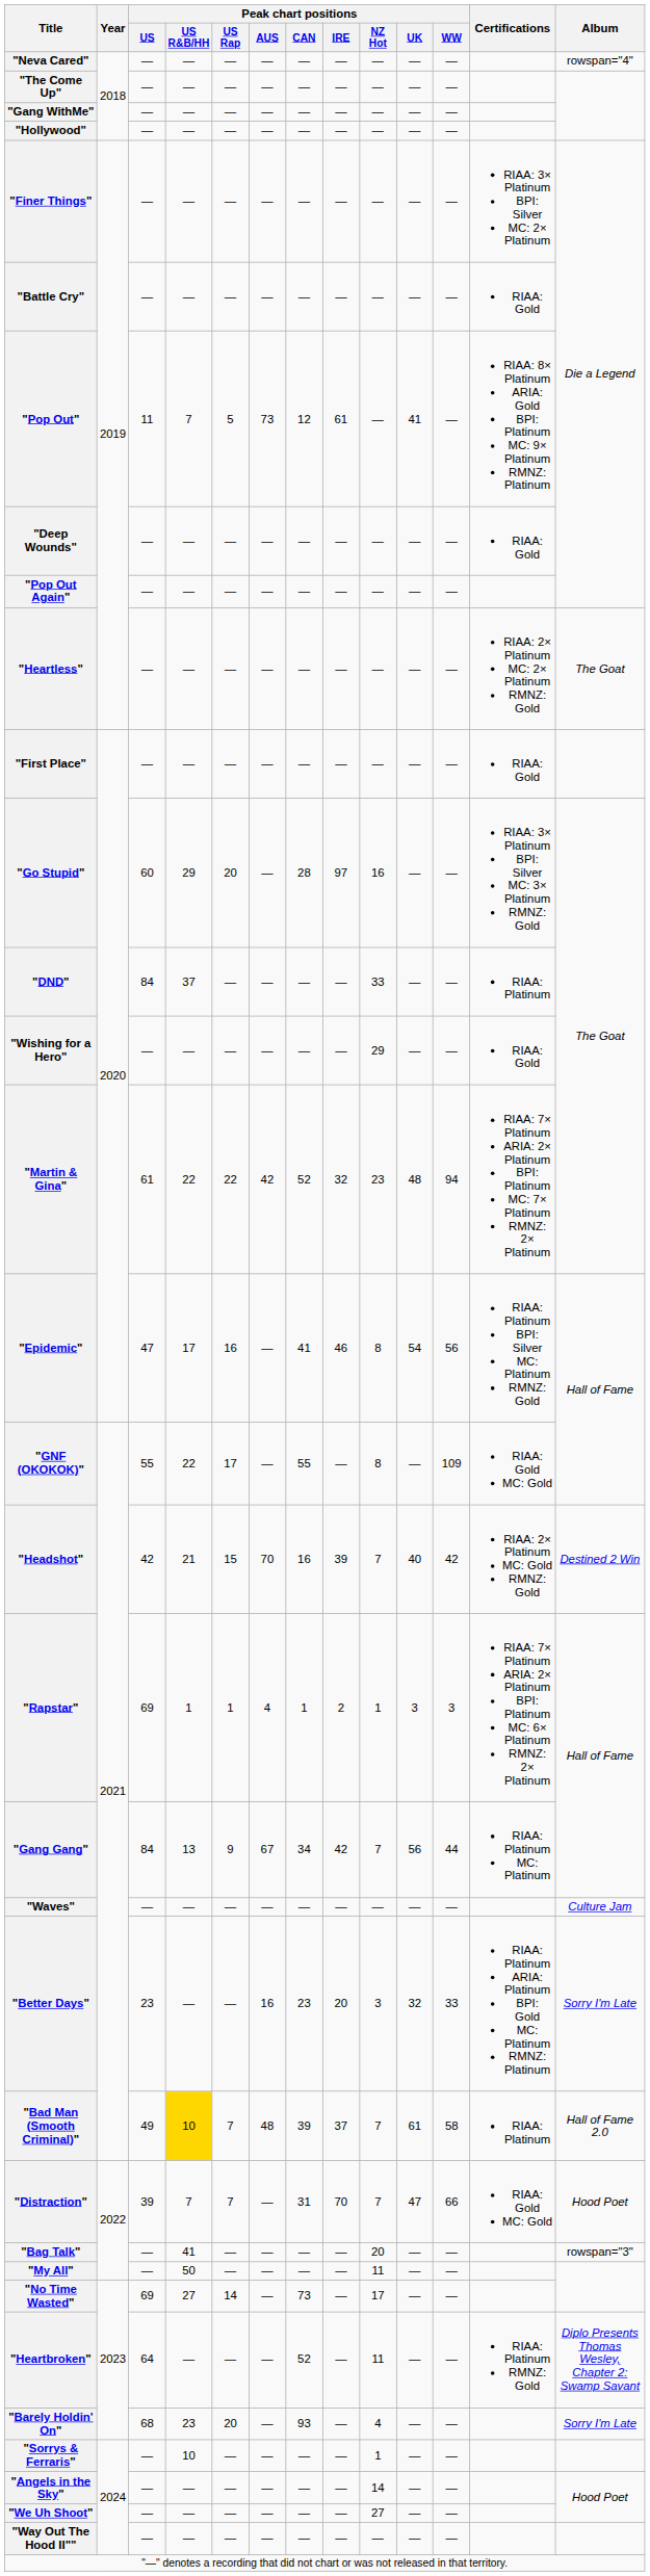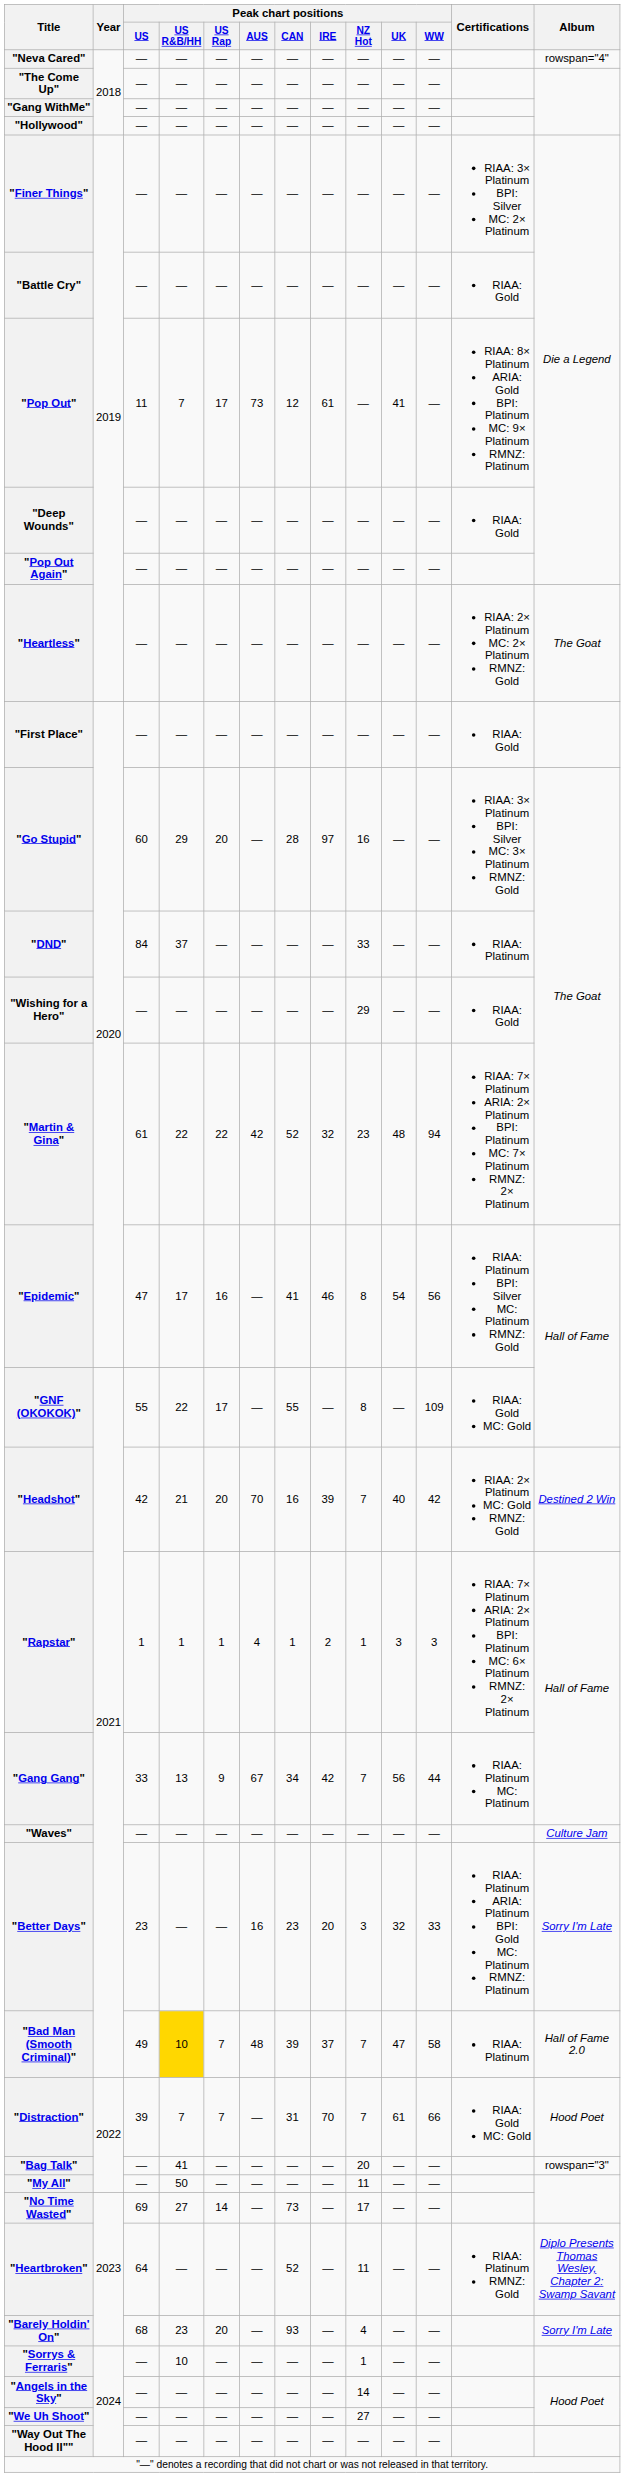 <table class="wikitable plainrowheaders" style="text-align:center;">
 <tr>
 <th scope="col" rowspan="2">Title</th>
 <th scope="col" rowspan="2">Year</th>
 <th scope="col" colspan="9">Peak chart positions</th>
 <th scope="col" rowspan="2">Certifications</th>
 <th scope="col" rowspan="2">Album</th>
 </tr>
 <tr>
 <th scope="col" style="width:3em;font-size:90%;"><a href='#'>US</a><br></th>
 <th scope="col" style="width:3em;font-size:90%;"><a href='#'>US<br>R&B/HH</a><br></th>
 <th scope="col" style="width:3em;font-size:90%;"><a href='#'>US<br>Rap</a><br></th>
 <th scope="col" style="width:3em;font-size:90%;"><a href='#'>AUS</a><br></th>
 <th scope="col" style="width:3em;font-size:90%;"><a href='#'>CAN</a><br></th>
 <th scope="col" style="width:3em;font-size:90%;"><a href='#'>IRE</a><br></th>
 <th scope="col" style="width:3em;font-size:90%;"><a href='#'>NZ<br>Hot</a><br></th>
 <th scope="col" style="width:3em;font-size:90%;"><a href='#'>UK</a><br></th>
 <th scope="col" style="width:3em;font-size:90%;"><a href='#'>WW</a><br></th>
 </tr>
 <tr>
 <th scope="row">"Neva Cared"</th>
 <td rowspan="4">2018</td>
 <td>—</td>
 <td>—</td>
 <td>—</td>
 <td>—</td>
 <td>—</td>
 <td>—</td>
 <td>—</td>
 <td>—</td>
 <td>—</td>
 <td></td>
 <td>rowspan="4" </td>
 </tr>
 <tr>
 <th scope="row">"The Come Up"</th>
 <td>—</td>
 <td>—</td>
 <td>—</td>
 <td>—</td>
 <td>—</td>
 <td>—</td>
 <td>—</td>
 <td>—</td>
 <td>—</td>
 <td></td>
 </tr>
 <tr>
 <th scope="row">"Gang WithMe"</th>
 <td>—</td>
 <td>—</td>
 <td>—</td>
 <td>—</td>
 <td>—</td>
 <td>—</td>
 <td>—</td>
 <td>—</td>
 <td>—</td>
 <td></td>
 </tr>
 <tr>
 <th scope="row">"Hollywood"</th>
 <td>—</td>
 <td>—</td>
 <td>—</td>
 <td>—</td>
 <td>—</td>
 <td>—</td>
 <td>—</td>
 <td>—</td>
 <td>—</td>
 <td></td>
 </tr>
 <tr>
 <th scope="row">"<a href='#'>Finer Things</a>"</th>
 <td rowspan="6">2019</td>
 <td>—</td>
 <td>—</td>
 <td>—</td>
 <td>—</td>
 <td>—</td>
 <td>—</td>
 <td>—</td>
 <td>—</td>
 <td>—</td>
 <td><br><ul><li>RIAA: 3× Platinum</li><li>BPI: Silver</li><li>MC: 2× Platinum</li></ul></td>
 <td rowspan="5"><em>Die a Legend</em></td>
 </tr>
 <tr>
 <th scope="row">"Battle Cry"</th>
 <td>—</td>
 <td>—</td>
 <td>—</td>
 <td>—</td>
 <td>—</td>
 <td>—</td>
 <td>—</td>
 <td>—</td>
 <td>—</td>
 <td><br><ul><li>RIAA: Gold</li></ul></td>
 </tr>
 <tr>
 <th scope="row">"<a href='#'>Pop Out</a>"<br></th>
 <td>11</td>
 <td>7</td>
-<td>5</td>
+<td>17</td>
 <td>73</td>
 <td>12</td>
 <td>61</td>
 <td>—</td>
 <td>41</td>
 <td>—</td>
 <td><br><ul><li>RIAA: 8× Platinum</li><li>ARIA: Gold</li><li>BPI: Platinum</li><li>MC: 9× Platinum</li><li>RMNZ: Platinum</li></ul></td>
 </tr>
 <tr>
 <th scope="row">"Deep Wounds"</th>
 <td>—</td>
 <td>—</td>
 <td>—</td>
 <td>—</td>
 <td>—</td>
 <td>—</td>
 <td>—</td>
 <td>—</td>
 <td>—</td>
 <td><br><ul><li>RIAA: Gold</li></ul></td>
 </tr>
 <tr>
 <th scope="row">"<a href='#'>Pop Out Again</a>"<br></th>
 <td>—</td>
 <td>—</td>
 <td>—</td>
 <td>—</td>
 <td>—</td>
 <td>—</td>
 <td>—</td>
 <td>—</td>
 <td>—</td>
 <td></td>
 </tr>
 <tr>
 <th scope="row">"<a href='#'>Heartless</a>"<br></th>
 <td>—</td>
 <td>—</td>
 <td>—</td>
 <td>—</td>
 <td>—</td>
 <td>—</td>
 <td>—</td>
 <td>—</td>
 <td>—</td>
 <td><br><ul><li>RIAA: 2× Platinum</li><li>MC: 2× Platinum</li><li>RMNZ: Gold</li></ul></td>
 <td><em>The Goat</em></td>
 </tr>
 <tr>
 <th scope="row">"First Place"<br></th>
 <td rowspan="6">2020</td>
 <td>—</td>
 <td>—</td>
 <td>—</td>
 <td>—</td>
 <td>—</td>
 <td>—</td>
 <td>—</td>
 <td>—</td>
 <td>—</td>
 <td><br><ul><li>RIAA: Gold</li></ul></td>
 <td></td>
 </tr>
 <tr>
 <th scope="row">"<a href='#'>Go Stupid</a>"<br></th>
 <td>60</td>
 <td>29</td>
 <td>20</td>
 <td>—</td>
 <td>28</td>
 <td>97</td>
 <td>16</td>
 <td>—</td>
 <td>—</td>
 <td><br><ul><li>RIAA: 3× Platinum</li><li>BPI: Silver</li><li>MC: 3× Platinum</li><li>RMNZ: Gold</li></ul></td>
 <td rowspan="4"><em>The Goat</em></td>
 </tr>
 <tr>
 <th scope="row">"<a href='#'>DND</a>"</th>
 <td>84</td>
 <td>37</td>
 <td>—</td>
 <td>—</td>
 <td>—</td>
 <td>—</td>
 <td>33</td>
 <td>—</td>
 <td>—</td>
 <td><br><ul><li>RIAA: Platinum</li></ul></td>
 </tr>
 <tr>
 <th scope="row">"Wishing for a Hero"<br></th>
 <td>—</td>
 <td>—</td>
 <td>—</td>
 <td>—</td>
 <td>—</td>
 <td>—</td>
 <td>29</td>
 <td>—</td>
 <td>—</td>
 <td><br><ul><li>RIAA: Gold</li></ul></td>
 </tr>
 <tr>
 <th scope="row">"<a href='#'>Martin & Gina</a>"</th>
 <td>61</td>
 <td>22</td>
 <td>22</td>
 <td>42</td>
 <td>52</td>
 <td>32</td>
 <td>23</td>
 <td>48</td>
 <td>94</td>
 <td><br><ul><li>RIAA: 7× Platinum</li><li>ARIA: 2× Platinum</li><li>BPI: Platinum</li><li>MC: 7× Platinum</li><li>RMNZ: 2× Platinum</li></ul></td>
 </tr>
 <tr>
 <th scope="row">"<a href='#'>Epidemic</a>"</th>
 <td>47</td>
 <td>17</td>
 <td>16</td>
 <td>—</td>
 <td>41</td>
 <td>46</td>
 <td>8</td>
 <td>54</td>
 <td>56</td>
 <td><br><ul><li>RIAA: Platinum</li><li>BPI: Silver</li><li>MC: Platinum</li><li>RMNZ: Gold</li></ul></td>
 <td rowspan="2"><em>Hall of Fame</em></td>
 </tr>
 <tr>
 <th scope="row">"<a href='#'>GNF (OKOKOK)</a>"</th>
 <td rowspan="7">2021</td>
 <td>55</td>
 <td>22</td>
 <td>17</td>
 <td>—</td>
 <td>55</td>
 <td>—</td>
 <td>8</td>
 <td>—</td>
 <td>109</td>
 <td><br><ul><li>RIAA: Gold</li><li>MC: Gold</li></ul></td>
 </tr>
 <tr>
 <th scope="row">"<a href='#'>Headshot</a>"<br></th>
 <td>42</td>
 <td>21</td>
-<td>15</td>
+<td>20</td>
 <td>70</td>
 <td>16</td>
 <td>39</td>
 <td>7</td>
 <td>40</td>
 <td>42</td>
 <td><br><ul><li>RIAA: 2× Platinum</li><li>MC: Gold</li><li>RMNZ: Gold</li></ul></td>
 <td><em><a href='#'>Destined 2 Win</a></em></td>
 </tr>
 <tr>
 <th scope="row">"<a href='#'>Rapstar</a>"</th>
-<td>69</td>
+<td>1</td>
 <td>1</td>
 <td>1</td>
 <td>4</td>
 <td>1</td>
 <td>2</td>
 <td>1</td>
 <td>3</td>
 <td>3</td>
 <td><br><ul><li>RIAA: 7× Platinum</li><li>ARIA: 2× Platinum</li><li>BPI: Platinum</li><li>MC: 6× Platinum</li><li>RMNZ: 2× Platinum</li></ul></td>
 <td rowspan="2"><em>Hall of Fame</em></td>
 </tr>
 <tr>
 <th scope="row">"<a href='#'>Gang Gang</a>"<br></th>
-<td>84</td>
+<td>33</td>
 <td>13</td>
 <td>9</td>
 <td>67</td>
 <td>34</td>
 <td>42</td>
 <td>7</td>
 <td>56</td>
 <td>44</td>
 <td><br><ul><li>RIAA: Platinum</li><li>MC: Platinum</li></ul></td>
 </tr>
 <tr>
 <th scope="row">"Waves"<br></th>
 <td>—</td>
 <td>—</td>
 <td>—</td>
 <td>—</td>
 <td>—</td>
 <td>—</td>
 <td>—</td>
 <td>—</td>
 <td>—</td>
 <td></td>
 <td><em><a href='#'>Culture Jam</a></em></td>
 </tr>
 <tr>
 <th scope="row">"<a href='#'>Better Days</a>"<br></th>
 <td>23</td>
 <td>—</td>
 <td>—</td>
 <td>16</td>
 <td>23</td>
 <td>20</td>
 <td>3</td>
 <td>32</td>
 <td>33</td>
 <td><br><ul><li>RIAA: Platinum</li><li>ARIA: Platinum</li><li>BPI: Gold</li><li>MC: Platinum</li><li>RMNZ: Platinum</li></ul></td>
 <td><em><a href='#'>Sorry I'm Late</a></em></td>
 </tr>
 <tr>
 <th scope="row">"<a href='#'>Bad Man (Smooth Criminal)</a>"</th>
 <td>49</td>
 <td style="background: gold;">10</td>
 <td>7</td>
 <td>48</td>
 <td>39</td>
 <td>37</td>
 <td>7</td>
-<td>61</td>
+<td>47</td>
 <td>58</td>
 <td><br><ul><li>RIAA: Platinum</li></ul></td>
 <td><em>Hall of Fame 2.0</em></td>
 </tr>
 <tr>
 <th scope="row">"<a href='#'>Distraction</a>"</th>
 <td rowspan="3">2022</td>
 <td>39</td>
 <td>7</td>
 <td>7</td>
 <td>—</td>
 <td>31</td>
 <td>70</td>
 <td>7</td>
-<td>47</td>
+<td>61</td>
 <td>66</td>
 <td><br><ul><li>RIAA: Gold</li><li>MC: Gold</li></ul></td>
 <td><em>Hood Poet</em></td>
 </tr>
 <tr>
 <th scope="row">"<a href='#'>Bag Talk</a>"</th>
 <td>—</td>
 <td>41</td>
 <td>—</td>
 <td>—</td>
 <td>—</td>
 <td>—</td>
 <td>20</td>
 <td>—</td>
 <td>—</td>
 <td></td>
 <td>rowspan="3" </td>
 </tr>
 <tr>
 <th scope="row">"<a href='#'>My All</a>"</th>
 <td>—</td>
 <td>50</td>
 <td>—</td>
 <td>—</td>
 <td>—</td>
 <td>—</td>
 <td>11</td>
 <td>—</td>
 <td>—</td>
 <td></td>
 </tr>
 <tr>
 <th scope="row">"<a href='#'>No Time Wasted</a>"<br></th>
 <td rowspan="3">2023</td>
 <td>69</td>
 <td>27</td>
 <td>14</td>
 <td>—</td>
 <td>73</td>
 <td>—</td>
 <td>17</td>
 <td>—</td>
 <td>—</td>
 <td></td>
 </tr>
 <tr>
 <th scope="row">"<a href='#'>Heartbroken</a>"<br></th>
 <td>64</td>
 <td>—</td>
 <td>—</td>
 <td>—</td>
 <td>52</td>
 <td>—</td>
 <td>11</td>
 <td>—</td>
 <td>—</td>
 <td><br><ul><li>RIAA: Platinum</li><li>RMNZ: Gold</li></ul></td>
 <td><em><a href='#'>Diplo Presents Thomas Wesley, Chapter 2: Swamp Savant</a></em></td>
 </tr>
 <tr>
 <th scope="row">"<a href='#'>Barely Holdin' On</a>"</th>
 <td>68</td>
 <td>23</td>
 <td>20</td>
 <td>—</td>
 <td>93</td>
 <td>—</td>
 <td>4</td>
 <td>—</td>
 <td>—</td>
 <td></td>
 <td><em><a href='#'>Sorry I'm Late</a></em></td>
 </tr>
 <tr>
 <th scope="row">"<a href='#'>Sorrys & Ferraris</a>"</th>
 <td rowspan="4">2024</td>
 <td>—</td>
 <td>10</td>
 <td>—</td>
 <td>—</td>
 <td>—</td>
 <td>—</td>
 <td>1</td>
 <td>—</td>
 <td>—</td>
 <td></td>
 <td></td>
 </tr>
 <tr>
 <th scope="row">"<a href='#'>Angels in the Sky</a>"</th>
 <td>—</td>
 <td>—</td>
 <td>—</td>
 <td>—</td>
 <td>—</td>
 <td>—</td>
 <td>14</td>
 <td>—</td>
 <td>—</td>
 <td></td>
 <td rowspan="2"><em>Hood Poet</em></td>
 </tr>
 <tr>
 <th scope="row">"<a href='#'>We Uh Shoot</a>"<br></th>
 <td>—</td>
 <td>—</td>
 <td>—</td>
 <td>—</td>
 <td>—</td>
 <td>—</td>
 <td>27</td>
 <td>—</td>
 <td>—</td>
 <td></td>
 </tr>
 <tr>
 <th scope="row">"Way Out The Hood II""<br></th>
 <td>—</td>
 <td>—</td>
 <td>—</td>
 <td>—</td>
 <td>—</td>
 <td>—</td>
 <td>—</td>
 <td>—</td>
 <td>—</td>
 <td></td>
 <td></td>
 </tr>
 <tr>
 <td colspan="13" style="font-size:90%">"—" denotes a recording that did not chart or was not released in that territory.</td>
 </tr>
 </table>
